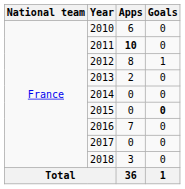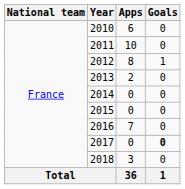 <table class="wikitable" style="text-align:center">
 <tr>
 <th>National team</th>
 <th>Year</th>
 <th>Apps</th>
 <th>Goals</th>
 </tr>
 <tr>
 <td rowspan="9"><a href='#'>France</a></td>
 <td>2010</td>
 <td>6</td>
 <td>0</td>
 </tr>
 <tr>
 <td>2011</td>
-<td><strong>10</strong></td>
+<td>10</td>
 <td>0</td>
 </tr>
 <tr>
 <td>2012</td>
 <td>8</td>
 <td>1</td>
 </tr>
 <tr>
 <td>2013</td>
 <td>2</td>
 <td>0</td>
 </tr>
 <tr>
 <td>2014</td>
 <td>0</td>
 <td>0</td>
 </tr>
 <tr>
 <td>2015</td>
 <td>0</td>
-<td><strong>0</strong></td>
+<td>0</td>
 </tr>
 <tr>
 <td>2016</td>
 <td>7</td>
 <td>0</td>
 </tr>
 <tr>
 <td>2017</td>
 <td>0</td>
-<td>0</td>
+<td><strong>0</strong></td>
 </tr>
 <tr>
 <td>2018</td>
 <td>3</td>
 <td>0</td>
 </tr>
 <tr>
 <th colspan="2">Total</th>
 <th>36</th>
 <th>1</th>
 </tr>
 </table>
